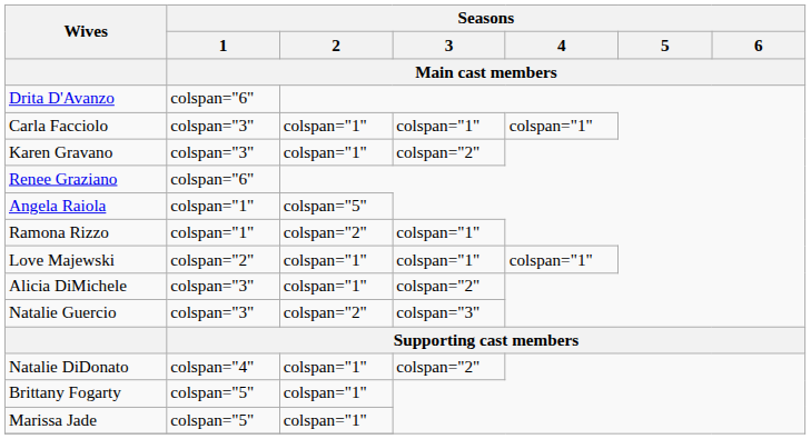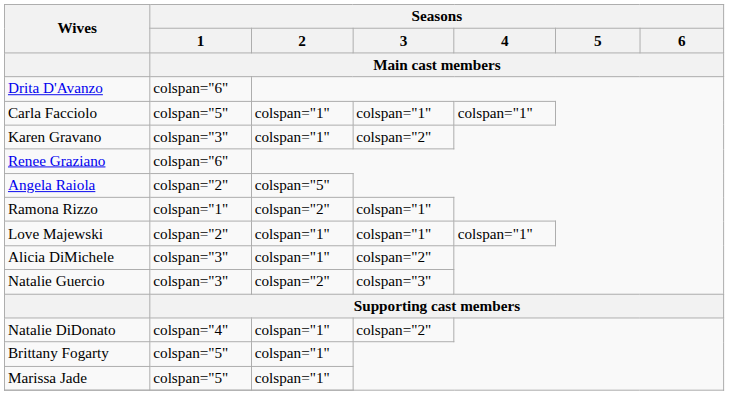 <table class="wikitable plainrowheaders" style="width:60%;">
 <tr>
 <th scope="col" rowspan="2" width="15%">Wives</th>
 <th scope="col" colspan="6">Seasons</th>
 </tr>
 <tr>
 <th scope="col" style="width:9%;">1</th>
 <th scope="col" style="width:9%;">2</th>
 <th scope="col" style="width:9%;">3</th>
 <th scope="col" style="width:9%;">4</th>
 <th scope="col" style="width:9%;">5</th>
 <th scope="col" style="width:9%;">6</th>
 </tr>
 <tr>
 <th scope="col"></th>
 <th scope="col" colspan="6" style="width:42%;">Main cast members</th>
 </tr>
 <tr>
 <td scope="row"><a href='#'>Drita D'Avanzo</a></td>
 <td>colspan="6" </td>
 </tr>
 <tr>
 <td scope="row">Carla Facciolo</td>
-<td>colspan="3" </td>
+<td>colspan="5" </td>
 <td>colspan="1" </td>
 <td>colspan="1" </td>
 <td>colspan="1" </td>
 </tr>
 <tr>
 <td scope="row">Karen Gravano</td>
 <td>colspan="3" </td>
 <td>colspan="1" </td>
 <td>colspan="2" </td>
 </tr>
 <tr>
 <td scope="row"><a href='#'>Renee Graziano</a></td>
 <td>colspan="6" </td>
 </tr>
 <tr>
 <td scope="row"><a href='#'>Angela Raiola</a></td>
-<td>colspan="1" </td>
+<td>colspan="2" </td>
 <td>colspan="5" </td>
 </tr>
 <tr>
 <td scope="row">Ramona Rizzo</td>
 <td>colspan="1" </td>
 <td>colspan="2" </td>
 <td>colspan="1" </td>
 </tr>
 <tr>
 <td scope="row">Love Majewski</td>
 <td>colspan="2" </td>
 <td>colspan="1" </td>
 <td>colspan="1" </td>
 <td>colspan="1" </td>
 </tr>
 <tr>
 <td nowrap>Alicia DiMichele</td>
 <td>colspan="3" </td>
 <td>colspan="1" </td>
 <td>colspan="2" </td>
 </tr>
 <tr>
 <td scope="row">Natalie Guercio</td>
 <td>colspan="3" </td>
 <td>colspan="2" </td>
 <td>colspan="3" </td>
 </tr>
 <tr>
 <th scope="col"></th>
 <th scope="col" colspan="6" style="width:42%;">Supporting cast members</th>
 </tr>
 <tr>
 <td scope="row">Natalie DiDonato</td>
 <td>colspan="4" </td>
 <td>colspan="1" </td>
 <td>colspan="2" </td>
 </tr>
 <tr>
 <td scope="row">Brittany Fogarty</td>
 <td>colspan="5" </td>
 <td>colspan="1" </td>
 </tr>
 <tr>
 <td scope="row">Marissa Jade</td>
 <td>colspan="5" </td>
 <td>colspan="1" </td>
 </tr>
 <tr>
 </tr>
 </table>
